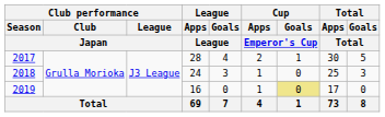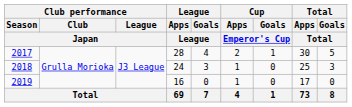 <table class="wikitable" style="text-align:center;">
 <tr>
 <th colspan=3>Club performance</th>
 <th colspan=2>League</th>
 <th colspan=2>Cup</th>
 <th colspan=2>Total</th>
 </tr>
 <tr>
 <th>Season</th>
 <th>Club</th>
 <th>League</th>
 <th>Apps</th>
 <th>Goals</th>
 <th>Apps</th>
 <th>Goals</th>
 <th>Apps</th>
 <th>Goals</th>
 </tr>
 <tr>
 <th colspan=3>Japan</th>
 <th colspan=2>League</th>
 <th colspan=2><a href='#'>Emperor's Cup</a></th>
 <th colspan=2>Total</th>
 </tr>
 <tr>
 <td><a href='#'>2017</a></td>
 <td rowspan="3"><a href='#'>Grulla Morioka</a></td>
 <td rowspan="3"><a href='#'>J3 League</a></td>
 <td>28</td>
 <td>4</td>
 <td>2</td>
 <td>1</td>
 <td>30</td>
 <td>5</td>
 </tr>
 <tr>
 <td><a href='#'>2018</a></td>
 <td>24</td>
 <td>3</td>
 <td>1</td>
 <td>0</td>
 <td>25</td>
 <td>3</td>
 </tr>
 <tr>
 <td><a href='#'>2019</a></td>
 <td>16</td>
 <td>0</td>
 <td>1</td>
-<td style="background: khaki;">0</td>
+<td>0</td>
 <td>17</td>
 <td>0</td>
 </tr>
 <tr>
 <th colspan=3>Total</th>
 <th>69</th>
 <th>7</th>
 <th>4</th>
 <th>1</th>
 <th>73</th>
 <th>8</th>
 </tr>
 </table>
